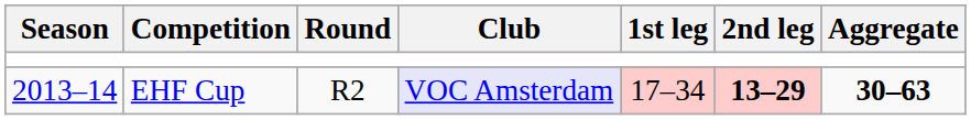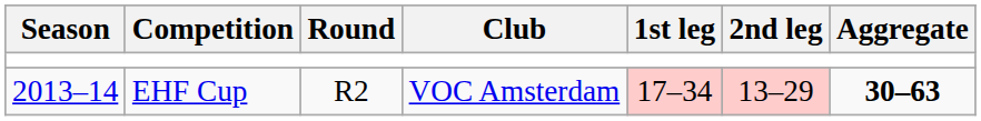 <table class="wikitable">
 <tr>
 <th>Season</th>
 <th>Competition</th>
 <th>Round</th>
 <th>Club</th>
 <th>1st leg</th>
 <th>2nd leg</th>
 <th>Aggregate</th>
 </tr>
 <tr>
 <td colspan="7" bgcolor=white></td>
 </tr>
 <tr>
 <td><a href='#'>2013–14</a></td>
 <td><a href='#'>EHF Cup</a></td>
 <td style="text-align:center;">R2</td>
-<td style="background: lavender;"> <a href='#'>VOC Amsterdam</a></td>
+<td> <a href='#'>VOC Amsterdam</a></td>
 <td style="text-align:center; "bgcolor="#ffcccc">17–34</td>
-<td style="text-align:center; "bgcolor="#ffcccc"><strong>13–29</strong></td>
+<td style="text-align:center; "bgcolor="#ffcccc">13–29</td>
 <td style="text-align:center;"><strong>30–63</strong></td>
 </tr>
 </table>
